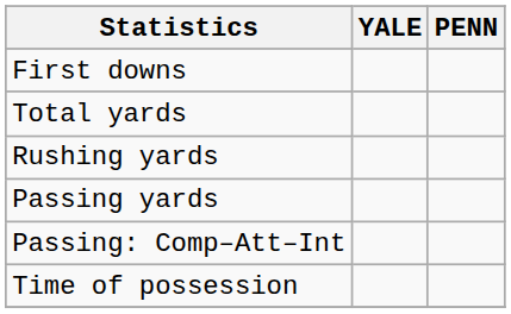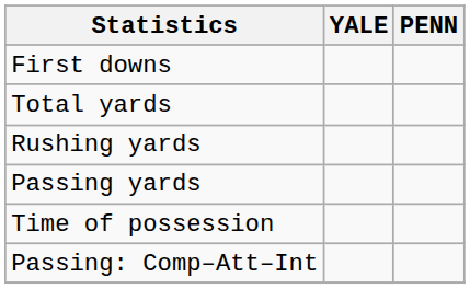 <table class="wikitable" style="float: left;">
 <tr>
 <th>Statistics</th>
 <th>YALE</th>
 <th>PENN</th>
 </tr>
 <tr>
 <td>First downs</td>
 <td></td>
 <td></td>
 </tr>
 <tr>
 <td>Total yards</td>
 <td></td>
 <td></td>
 </tr>
 <tr>
 <td>Rushing yards</td>
 <td></td>
 <td></td>
 </tr>
 <tr>
 <td>Passing yards</td>
 <td></td>
 <td></td>
 </tr>
 <tr>
-<td>Passing: Comp–Att–Int</td>
+<td>Time of possession</td>
 <td></td>
 <td></td>
 </tr>
 <tr>
-<td>Time of possession</td>
+<td>Passing: Comp–Att–Int</td>
 <td></td>
 <td></td>
 </tr>
 <tr>
 </tr>
 </table>
